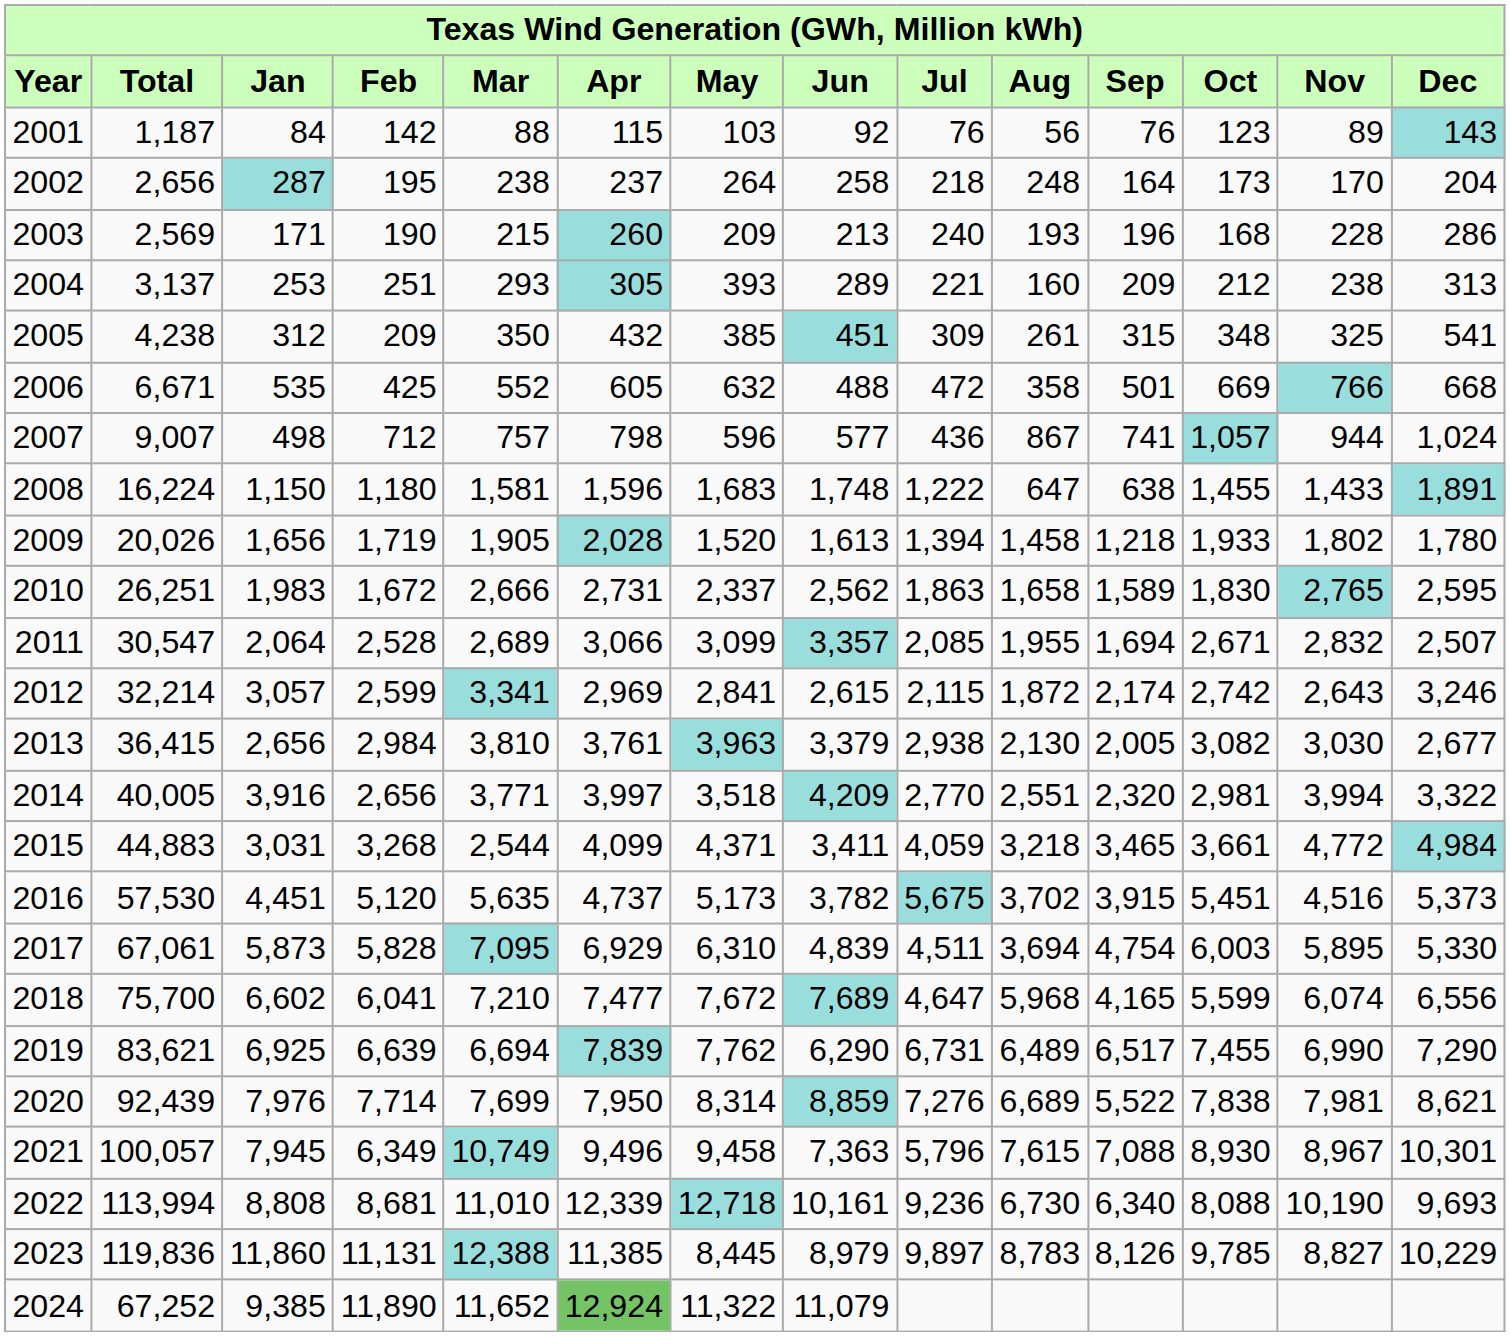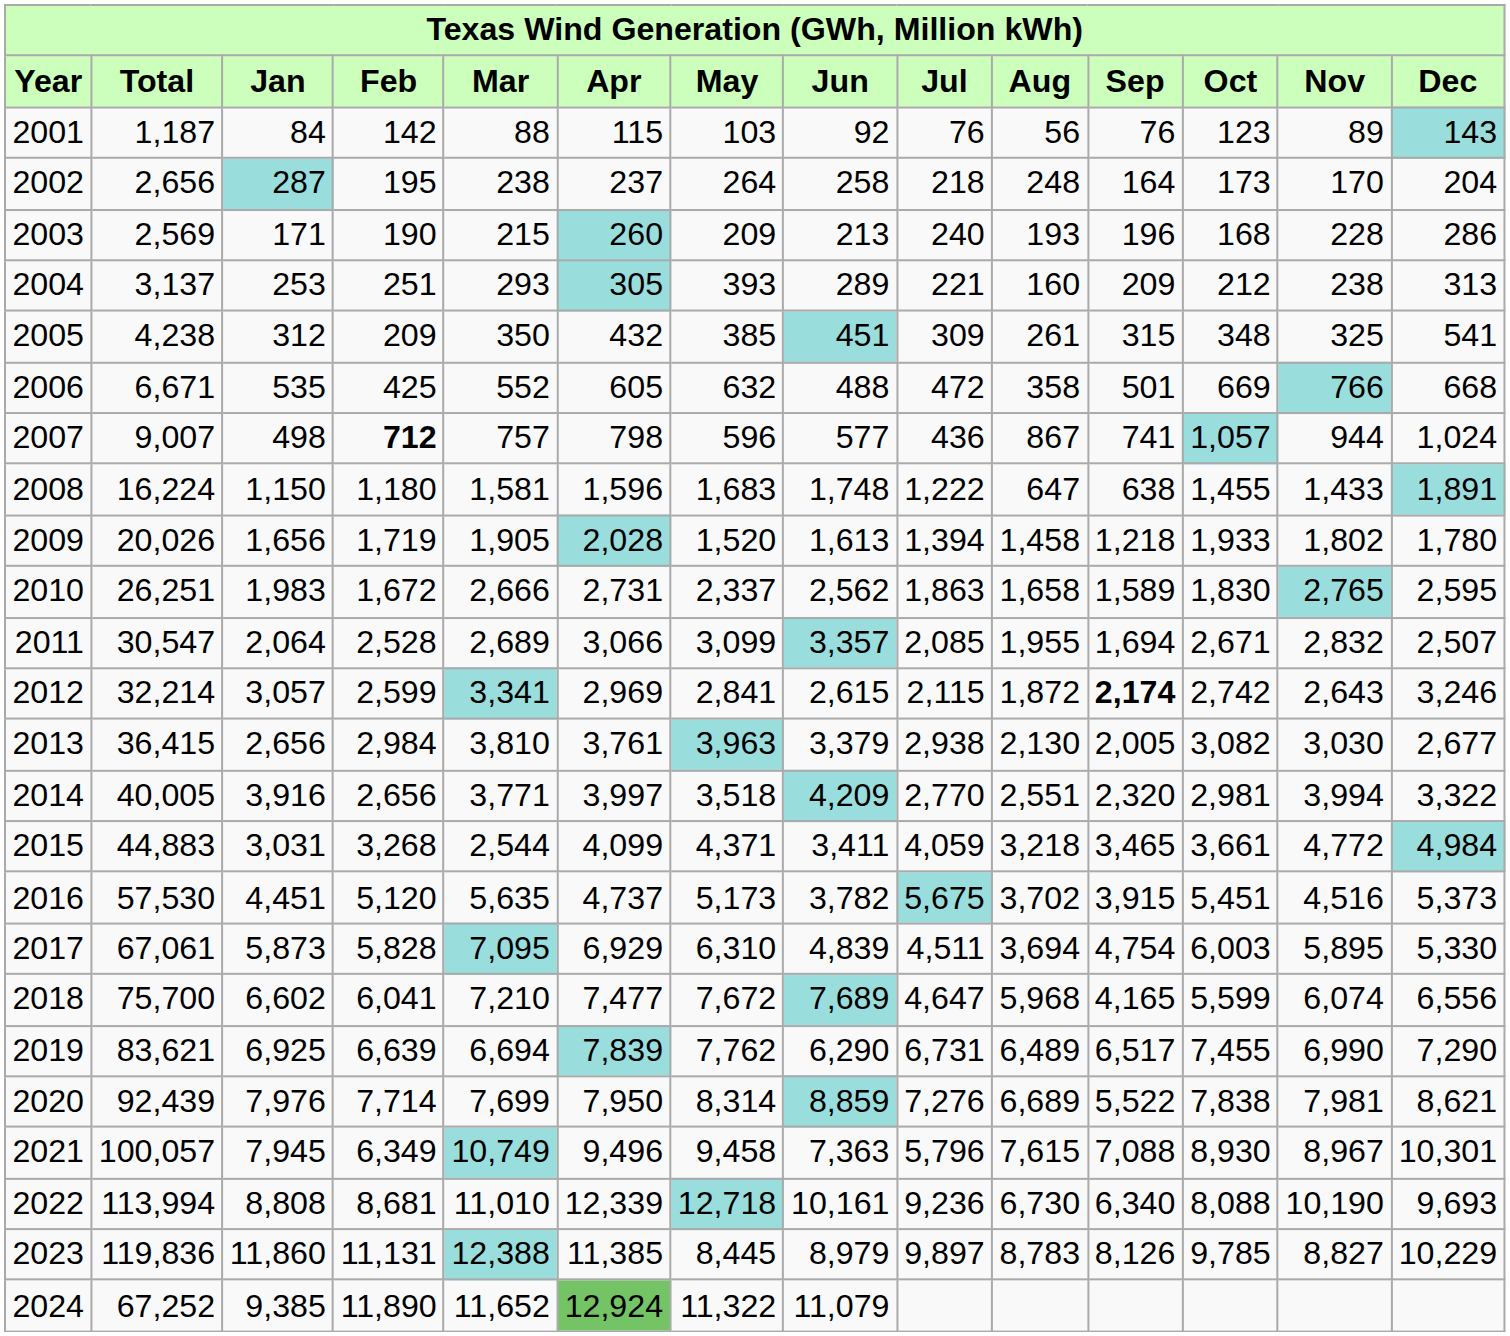 <table class="wikitable" style="text-align:right;">
 <tr>
 <th colspan="14" style="background:#cfb;">Texas Wind Generation (GWh, Million kWh)</th>
 </tr>
 <tr>
 <th style="background:#cfb;">Year</th>
 <th style="background:#cfb;">Total</th>
 <th style="background:#cfb;">Jan</th>
 <th style="background:#cfb;">Feb</th>
 <th style="background:#cfb;">Mar</th>
 <th style="background:#cfb;">Apr</th>
 <th style="background:#cfb;">May</th>
 <th style="background:#cfb;">Jun</th>
 <th style="background:#cfb;">Jul</th>
 <th style="background:#cfb;">Aug</th>
 <th style="background:#cfb;">Sep</th>
 <th style="background:#cfb;">Oct</th>
 <th style="background:#cfb;">Nov</th>
 <th style="background:#cfb;">Dec</th>
 </tr>
 <tr align=right>
 <td>2001</td>
 <td>1,187</td>
 <td>84</td>
 <td>142</td>
 <td>88</td>
 <td>115</td>
 <td>103</td>
 <td>92</td>
 <td>76</td>
 <td>56</td>
 <td>76</td>
 <td>123</td>
 <td>89</td>
 <td style="background-color: #9dd;">143</td>
 </tr>
 <tr align=right>
 <td>2002</td>
 <td>2,656</td>
 <td style="background-color: #9dd;">287</td>
 <td>195</td>
 <td>238</td>
 <td>237</td>
 <td>264</td>
 <td>258</td>
 <td>218</td>
 <td>248</td>
 <td>164</td>
 <td>173</td>
 <td>170</td>
 <td>204</td>
 </tr>
 <tr align=right>
 <td>2003</td>
 <td>2,569</td>
 <td>171</td>
 <td>190</td>
 <td>215</td>
 <td style="background-color: #9dd;">260</td>
 <td>209</td>
 <td>213</td>
 <td>240</td>
 <td>193</td>
 <td>196</td>
 <td>168</td>
 <td>228</td>
 <td>286</td>
 </tr>
 <tr align=right>
 <td>2004</td>
 <td>3,137</td>
 <td>253</td>
 <td>251</td>
 <td>293</td>
 <td style="background-color: #9dd;">305</td>
 <td>393</td>
 <td>289</td>
 <td>221</td>
 <td>160</td>
 <td>209</td>
 <td>212</td>
 <td>238</td>
 <td>313</td>
 </tr>
 <tr align=right>
 <td>2005</td>
 <td>4,238</td>
 <td>312</td>
 <td>209</td>
 <td>350</td>
 <td>432</td>
 <td>385</td>
 <td style="background-color: #9dd;">451</td>
 <td>309</td>
 <td>261</td>
 <td>315</td>
 <td>348</td>
 <td>325</td>
 <td>541</td>
 </tr>
 <tr align=right>
 <td>2006</td>
 <td>6,671</td>
 <td>535</td>
 <td>425</td>
 <td>552</td>
 <td>605</td>
 <td>632</td>
 <td>488</td>
 <td>472</td>
 <td>358</td>
 <td>501</td>
 <td>669</td>
 <td style="background-color: #9dd;">766</td>
 <td>668</td>
 </tr>
 <tr align=right>
 <td>2007</td>
 <td>9,007</td>
 <td>498</td>
-<td>712</td>
+<td><strong>712</strong></td>
 <td>757</td>
 <td>798</td>
 <td>596</td>
 <td>577</td>
 <td>436</td>
 <td>867</td>
 <td>741</td>
 <td style="background-color: #9dd;">1,057</td>
 <td>944</td>
 <td>1,024</td>
 </tr>
 <tr align=right>
 <td>2008</td>
 <td>16,224</td>
 <td>1,150</td>
 <td>1,180</td>
 <td>1,581</td>
 <td>1,596</td>
 <td>1,683</td>
 <td>1,748</td>
 <td>1,222</td>
 <td>647</td>
 <td>638</td>
 <td>1,455</td>
 <td>1,433</td>
 <td style="background-color: #9dd;">1,891</td>
 </tr>
 <tr align=right>
 <td>2009</td>
 <td>20,026</td>
 <td>1,656</td>
 <td>1,719</td>
 <td>1,905</td>
 <td style="background-color: #9dd;">2,028</td>
 <td>1,520</td>
 <td>1,613</td>
 <td>1,394</td>
 <td>1,458</td>
 <td>1,218</td>
 <td>1,933</td>
 <td>1,802</td>
 <td>1,780</td>
 </tr>
 <tr align=right>
 <td>2010</td>
 <td>26,251</td>
 <td>1,983</td>
 <td>1,672</td>
 <td>2,666</td>
 <td>2,731</td>
 <td>2,337</td>
 <td>2,562</td>
 <td>1,863</td>
 <td>1,658</td>
 <td>1,589</td>
 <td>1,830</td>
 <td style="background-color: #9dd;">2,765</td>
 <td>2,595</td>
 </tr>
 <tr align=right>
 <td>2011</td>
 <td>30,547</td>
 <td>2,064</td>
 <td>2,528</td>
 <td>2,689</td>
 <td>3,066</td>
 <td>3,099</td>
 <td style="background-color: #9dd;">3,357</td>
 <td>2,085</td>
 <td>1,955</td>
 <td>1,694</td>
 <td>2,671</td>
 <td>2,832</td>
 <td>2,507</td>
 </tr>
 <tr align=right>
 <td>2012</td>
 <td>32,214</td>
 <td>3,057</td>
 <td>2,599</td>
 <td style="background-color: #9dd;">3,341</td>
 <td>2,969</td>
 <td>2,841</td>
 <td>2,615</td>
 <td>2,115</td>
 <td>1,872</td>
-<td>2,174</td>
+<td><strong>2,174</strong></td>
 <td>2,742</td>
 <td>2,643</td>
 <td>3,246</td>
 </tr>
 <tr align=right>
 <td>2013</td>
 <td>36,415</td>
 <td>2,656</td>
 <td>2,984</td>
 <td>3,810</td>
 <td>3,761</td>
 <td style="background-color: #9dd;">3,963</td>
 <td>3,379</td>
 <td>2,938</td>
 <td>2,130</td>
 <td>2,005</td>
 <td>3,082</td>
 <td>3,030</td>
 <td>2,677</td>
 </tr>
 <tr align=right>
 <td>2014</td>
 <td>40,005</td>
 <td>3,916</td>
 <td>2,656</td>
 <td>3,771</td>
 <td>3,997</td>
 <td>3,518</td>
 <td style="background-color: #9dd;">4,209</td>
 <td>2,770</td>
 <td>2,551</td>
 <td>2,320</td>
 <td>2,981</td>
 <td>3,994</td>
 <td>3,322</td>
 </tr>
 <tr align=right>
 <td>2015</td>
 <td>44,883</td>
 <td>3,031</td>
 <td>3,268</td>
 <td>2,544</td>
 <td>4,099</td>
 <td>4,371</td>
 <td>3,411</td>
 <td>4,059</td>
 <td>3,218</td>
 <td>3,465</td>
 <td>3,661</td>
 <td>4,772</td>
 <td style="background-color: #9dd;">4,984</td>
 </tr>
 <tr align=right>
 <td>2016</td>
 <td>57,530</td>
 <td>4,451</td>
 <td>5,120</td>
 <td>5,635</td>
 <td>4,737</td>
 <td>5,173</td>
 <td>3,782</td>
 <td style="background-color: #9dd;">5,675</td>
 <td>3,702</td>
 <td>3,915</td>
 <td>5,451</td>
 <td>4,516</td>
 <td>5,373</td>
 </tr>
 <tr align=right>
 <td>2017</td>
 <td>67,061</td>
 <td>5,873</td>
 <td>5,828</td>
 <td style="background-color: #9dd;">7,095</td>
 <td>6,929</td>
 <td>6,310</td>
 <td>4,839</td>
 <td>4,511</td>
 <td>3,694</td>
 <td>4,754</td>
 <td>6,003</td>
 <td>5,895</td>
 <td>5,330</td>
 </tr>
 <tr align=right>
 <td>2018</td>
 <td>75,700</td>
 <td>6,602</td>
 <td>6,041</td>
 <td>7,210</td>
 <td>7,477</td>
 <td>7,672</td>
 <td style="background-color: #9dd;">7,689</td>
 <td>4,647</td>
 <td>5,968</td>
 <td>4,165</td>
 <td>5,599</td>
 <td>6,074</td>
 <td>6,556</td>
 </tr>
 <tr align=right>
 <td>2019</td>
 <td>83,621</td>
 <td>6,925</td>
 <td>6,639</td>
 <td>6,694</td>
 <td style="background-color: #9dd;">7,839</td>
 <td>7,762</td>
 <td>6,290</td>
 <td>6,731</td>
 <td>6,489</td>
 <td>6,517</td>
 <td>7,455</td>
 <td>6,990</td>
 <td>7,290</td>
 </tr>
 <tr align=right>
 <td>2020</td>
 <td>92,439</td>
 <td>7,976</td>
 <td>7,714</td>
 <td>7,699</td>
 <td>7,950</td>
 <td>8,314</td>
 <td style="background-color: #9dd;">8,859</td>
 <td>7,276</td>
 <td>6,689</td>
 <td>5,522</td>
 <td>7,838</td>
 <td>7,981</td>
 <td>8,621</td>
 </tr>
 <tr align=right>
 <td>2021</td>
 <td>100,057</td>
 <td>7,945</td>
 <td>6,349</td>
 <td style="background-color: #9dd;">10,749</td>
 <td>9,496</td>
 <td>9,458</td>
 <td>7,363</td>
 <td>5,796</td>
 <td>7,615</td>
 <td>7,088</td>
 <td>8,930</td>
 <td>8,967</td>
 <td>10,301</td>
 </tr>
 <tr align=right>
 <td>2022</td>
 <td>113,994</td>
 <td>8,808</td>
 <td>8,681</td>
 <td>11,010</td>
 <td>12,339</td>
 <td style="background-color: #9dd;">12,718</td>
 <td>10,161</td>
 <td>9,236</td>
 <td>6,730</td>
 <td>6,340</td>
 <td>8,088</td>
 <td>10,190</td>
 <td>9,693</td>
 </tr>
 <tr align=right>
 <td>2023</td>
 <td>119,836</td>
 <td>11,860</td>
 <td>11,131</td>
 <td style="background-color: #9dd;">12,388</td>
 <td>11,385</td>
 <td>8,445</td>
 <td>8,979</td>
 <td>9,897</td>
 <td>8,783</td>
 <td>8,126</td>
 <td>9,785</td>
 <td>8,827</td>
 <td>10,229</td>
 </tr>
 <tr align=right>
 <td>2024</td>
 <td>67,252</td>
 <td>9,385</td>
 <td>11,890</td>
 <td>11,652</td>
 <td style="background-color: #74C365">12,924</td>
 <td>11,322</td>
 <td>11,079</td>
 <td></td>
 <td></td>
 <td></td>
 <td></td>
 <td></td>
 <td></td>
 </tr>
 </table>
